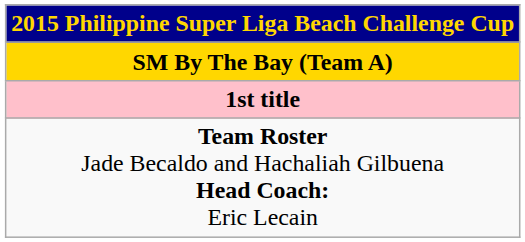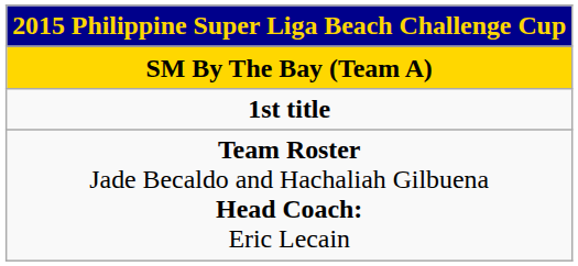 <table class=wikitable style="text-align:center; margin:auto;">
 <tr>
 <th style="background:#00008B; color:#FFD700;">2015 Philippine Super Liga Beach Challenge Cup</th>
 </tr>
 <tr bgcolor="gold">
 <td><strong>SM By The Bay (Team A)</strong></td>
 </tr>
 <tr>
-<td style="background: pink;"><strong>1st title</strong></td>
+<td><strong>1st title</strong></td>
 </tr>
 <tr>
 <td><strong>Team Roster</strong><br>Jade Becaldo and Hachaliah Gilbuena<br><strong>Head Coach:</strong><br>Eric Lecain</td>
 </tr>
 </table>
